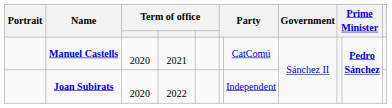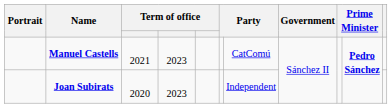 <table class="wikitable" style="line-height:1.4em; text-align:center; border:1px #aaf solid;">
 <tr>
 <th rowspan="2" width="65">Portrait</th>
 <th rowspan="2" width="210">Name<br></th>
 <th colspan="3">Term of office</th>
 <th rowspan="2" colspan="2" width="90">Party</th>
 <th rowspan="2">Government</th>
 <th rowspan="2" colspan="2"><a href='#'>Prime Minister</a><br></th>
 <th rowspan="2"></th>
 </tr>
 <tr>
 <th width="85"></th>
 <th width="85"></th>
 <th width="85"></th>
 </tr>
 <tr>
 <td></td>
 <td><strong><a href='#'>Manuel Castells</a></strong><br></td>
-<td class="nowrap"><br>2020</td>
 <td class="nowrap"><br>2021</td>
+<td class="nowrap"><br>2023</td>
 <td style="font-size:95%;"></td>
 <td width="1" style="color:inherit;background:"></td>
 <td><a href='#'>CatComú</a></td>
 <td rowspan="2"><a href='#'>Sánchez II</a></td>
 <td rowspan="2" width="1" style="background:"></td>
 <td rowspan="2"><strong><a href='#'>Pedro Sánchez</a></strong><br><br></td>
 <td align="center"><br></td>
 </tr>
 <tr>
 <td></td>
 <td><strong><a href='#'>Joan Subirats</a></strong><br></td>
 <td class="nowrap"><br>2020</td>
-<td class="nowrap"><br>2022</td>
+<td class="nowrap"><br>2023</td>
 <td style="font-size:95%;"></td>
 <td style="color:inherit;background:"></td>
 <td><a href='#'>Independent</a></td>
 <td align="center"><br></td>
 </tr>
 </table>
